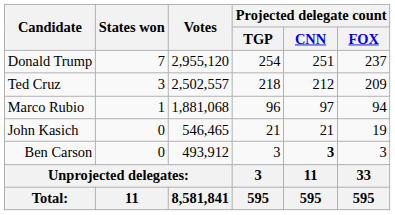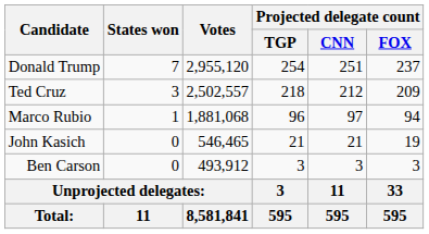 <table class="wikitable" style="text-align:right;">
 <tr>
 <th rowspan="2">Candidate</th>
 <th rowspan="2">States won</th>
 <th rowspan="2">Votes</th>
 <th colspan="3">Projected delegate count</th>
 </tr>
 <tr>
 <th>TGP</th>
 <th><a href='#'>CNN</a></th>
 <th><a href='#'>FOX</a></th>
 </tr>
 <tr>
 <td style="text-align:left;">Donald Trump</td>
 <td>7</td>
 <td>2,955,120</td>
 <td>254</td>
 <td>251</td>
 <td>237</td>
 </tr>
 <tr>
 <td style="text-align:left;">Ted Cruz</td>
 <td>3</td>
 <td>2,502,557</td>
 <td>218</td>
 <td>212</td>
 <td>209</td>
 </tr>
 <tr>
 <td style="text-align:left;">Marco Rubio</td>
 <td>1</td>
 <td>1,881,068</td>
 <td>96</td>
 <td>97</td>
 <td>94</td>
 </tr>
 <tr>
 <td style="text-align:left;">John Kasich</td>
 <td>0</td>
 <td>546,465</td>
 <td>21</td>
 <td>21</td>
 <td>19</td>
 </tr>
 <tr>
 <td>Ben Carson</td>
 <td>0</td>
 <td>493,912</td>
 <td>3</td>
-<td><strong>3</strong></td>
+<td>3</td>
 <td>3</td>
 </tr>
 <tr style="background:#eee;">
 <th colspan="3">Unprojected delegates:</th>
 <th>3</th>
 <th>11</th>
 <th>33</th>
 </tr>
 <tr style="background:#eee;">
 <th>Total:</th>
 <th>11</th>
 <th>8,581,841 </th>
 <th>595</th>
 <th>595</th>
 <th>595</th>
 </tr>
 </table>
